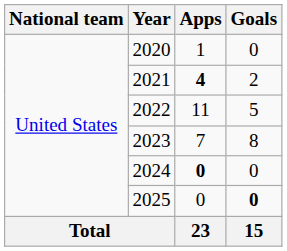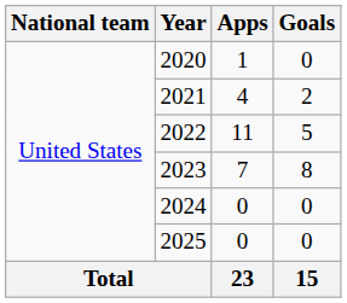 <table class="wikitable" style="text-align:center">
 <tr>
 <th>National team</th>
 <th>Year</th>
 <th>Apps</th>
 <th>Goals</th>
 </tr>
 <tr>
 <td rowspan="6”"><a href='#'>United States</a></td>
 <td>2020</td>
 <td>1</td>
 <td>0</td>
 </tr>
 <tr>
 <td>2021</td>
-<td><strong>4</strong></td>
+<td>4</td>
 <td>2</td>
 </tr>
 <tr>
 <td>2022</td>
 <td>11</td>
 <td>5</td>
 </tr>
 <tr>
 <td>2023</td>
 <td>7</td>
 <td>8</td>
 </tr>
 <tr>
 <td>2024</td>
-<td><strong>0</strong></td>
+<td>0</td>
 <td>0</td>
 </tr>
 <tr>
 <td>2025</td>
 <td>0</td>
-<td><strong>0</strong></td>
+<td>0</td>
 </tr>
 <tr>
 <th colspan="2">Total</th>
 <th>23</th>
 <th>15</th>
 </tr>
 </table>
